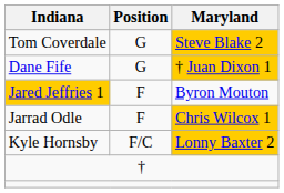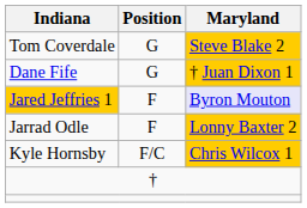 <table class="wikitable">
 <tr>
 <th>Indiana</th>
 <th colspan="2">Position</th>
 <th>Maryland</th>
 </tr>
 <tr>
 <td>Tom Coverdale</td>
 <td colspan=2 style="text-align:center">G</td>
 <td style="background:#ffcc00"><a href='#'>Steve Blake</a> 2</td>
 </tr>
 <tr>
 <td><a href='#'>Dane Fife</a></td>
 <td colspan=2 style="text-align:center">G</td>
 <td style="background:#ffcc00">† <a href='#'>Juan Dixon</a> 1</td>
 </tr>
 <tr>
 <td style="background:#ffcc00"><a href='#'>Jared Jeffries</a> 1</td>
 <td colspan=2 style="text-align:center">F</td>
-<td><a href='#'>Byron Mouton</a></td>
+<td style="background: lavender;"><a href='#'>Byron Mouton</a></td>
 </tr>
 <tr>
 <td>Jarrad Odle</td>
 <td colspan=2 style="text-align:center">F</td>
-<td style="background:#ffcc00"><a href='#'>Chris Wilcox</a> 1</td>
+<td style="background:#ffcc00"><a href='#'>Lonny Baxter</a> 2</td>
 </tr>
 <tr>
 <td>Kyle Hornsby</td>
 <td colspan=2 style="text-align:center">F/C</td>
-<td style="background:#ffcc00"><a href='#'>Lonny Baxter</a> 2</td>
+<td style="background:#ffcc00"><a href='#'>Chris Wilcox</a> 1</td>
 </tr>
 <tr>
 <td colspan="5" align=center>† </td>
 </tr>
 <tr>
 <td colspan="5" align=center></td>
 </tr>
 </table>
